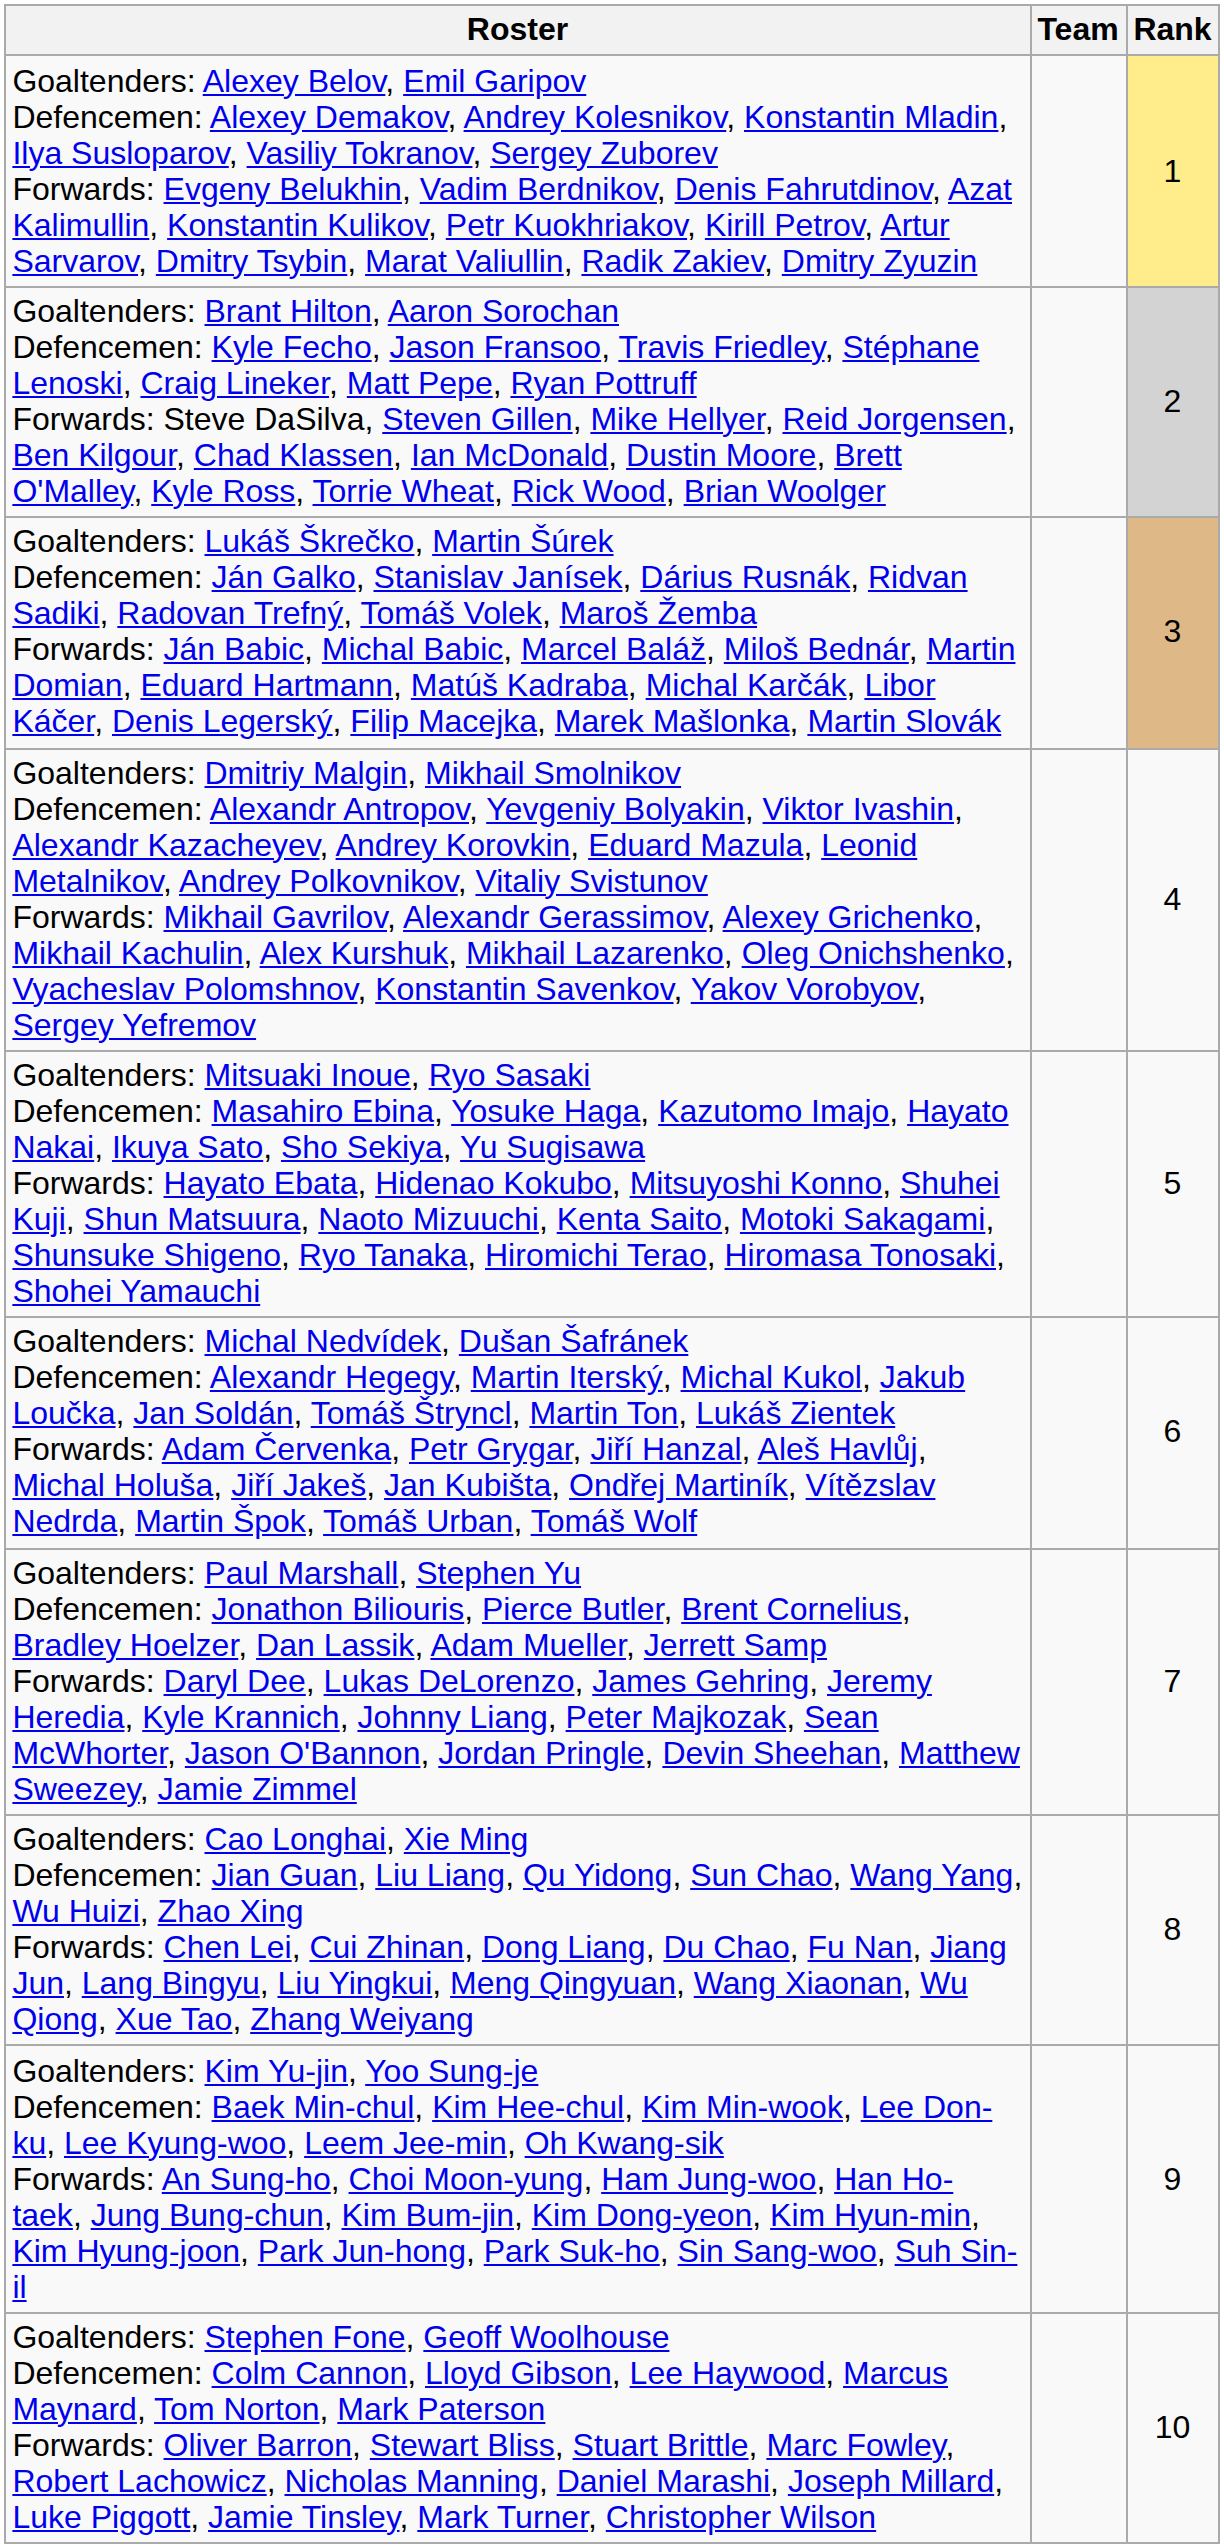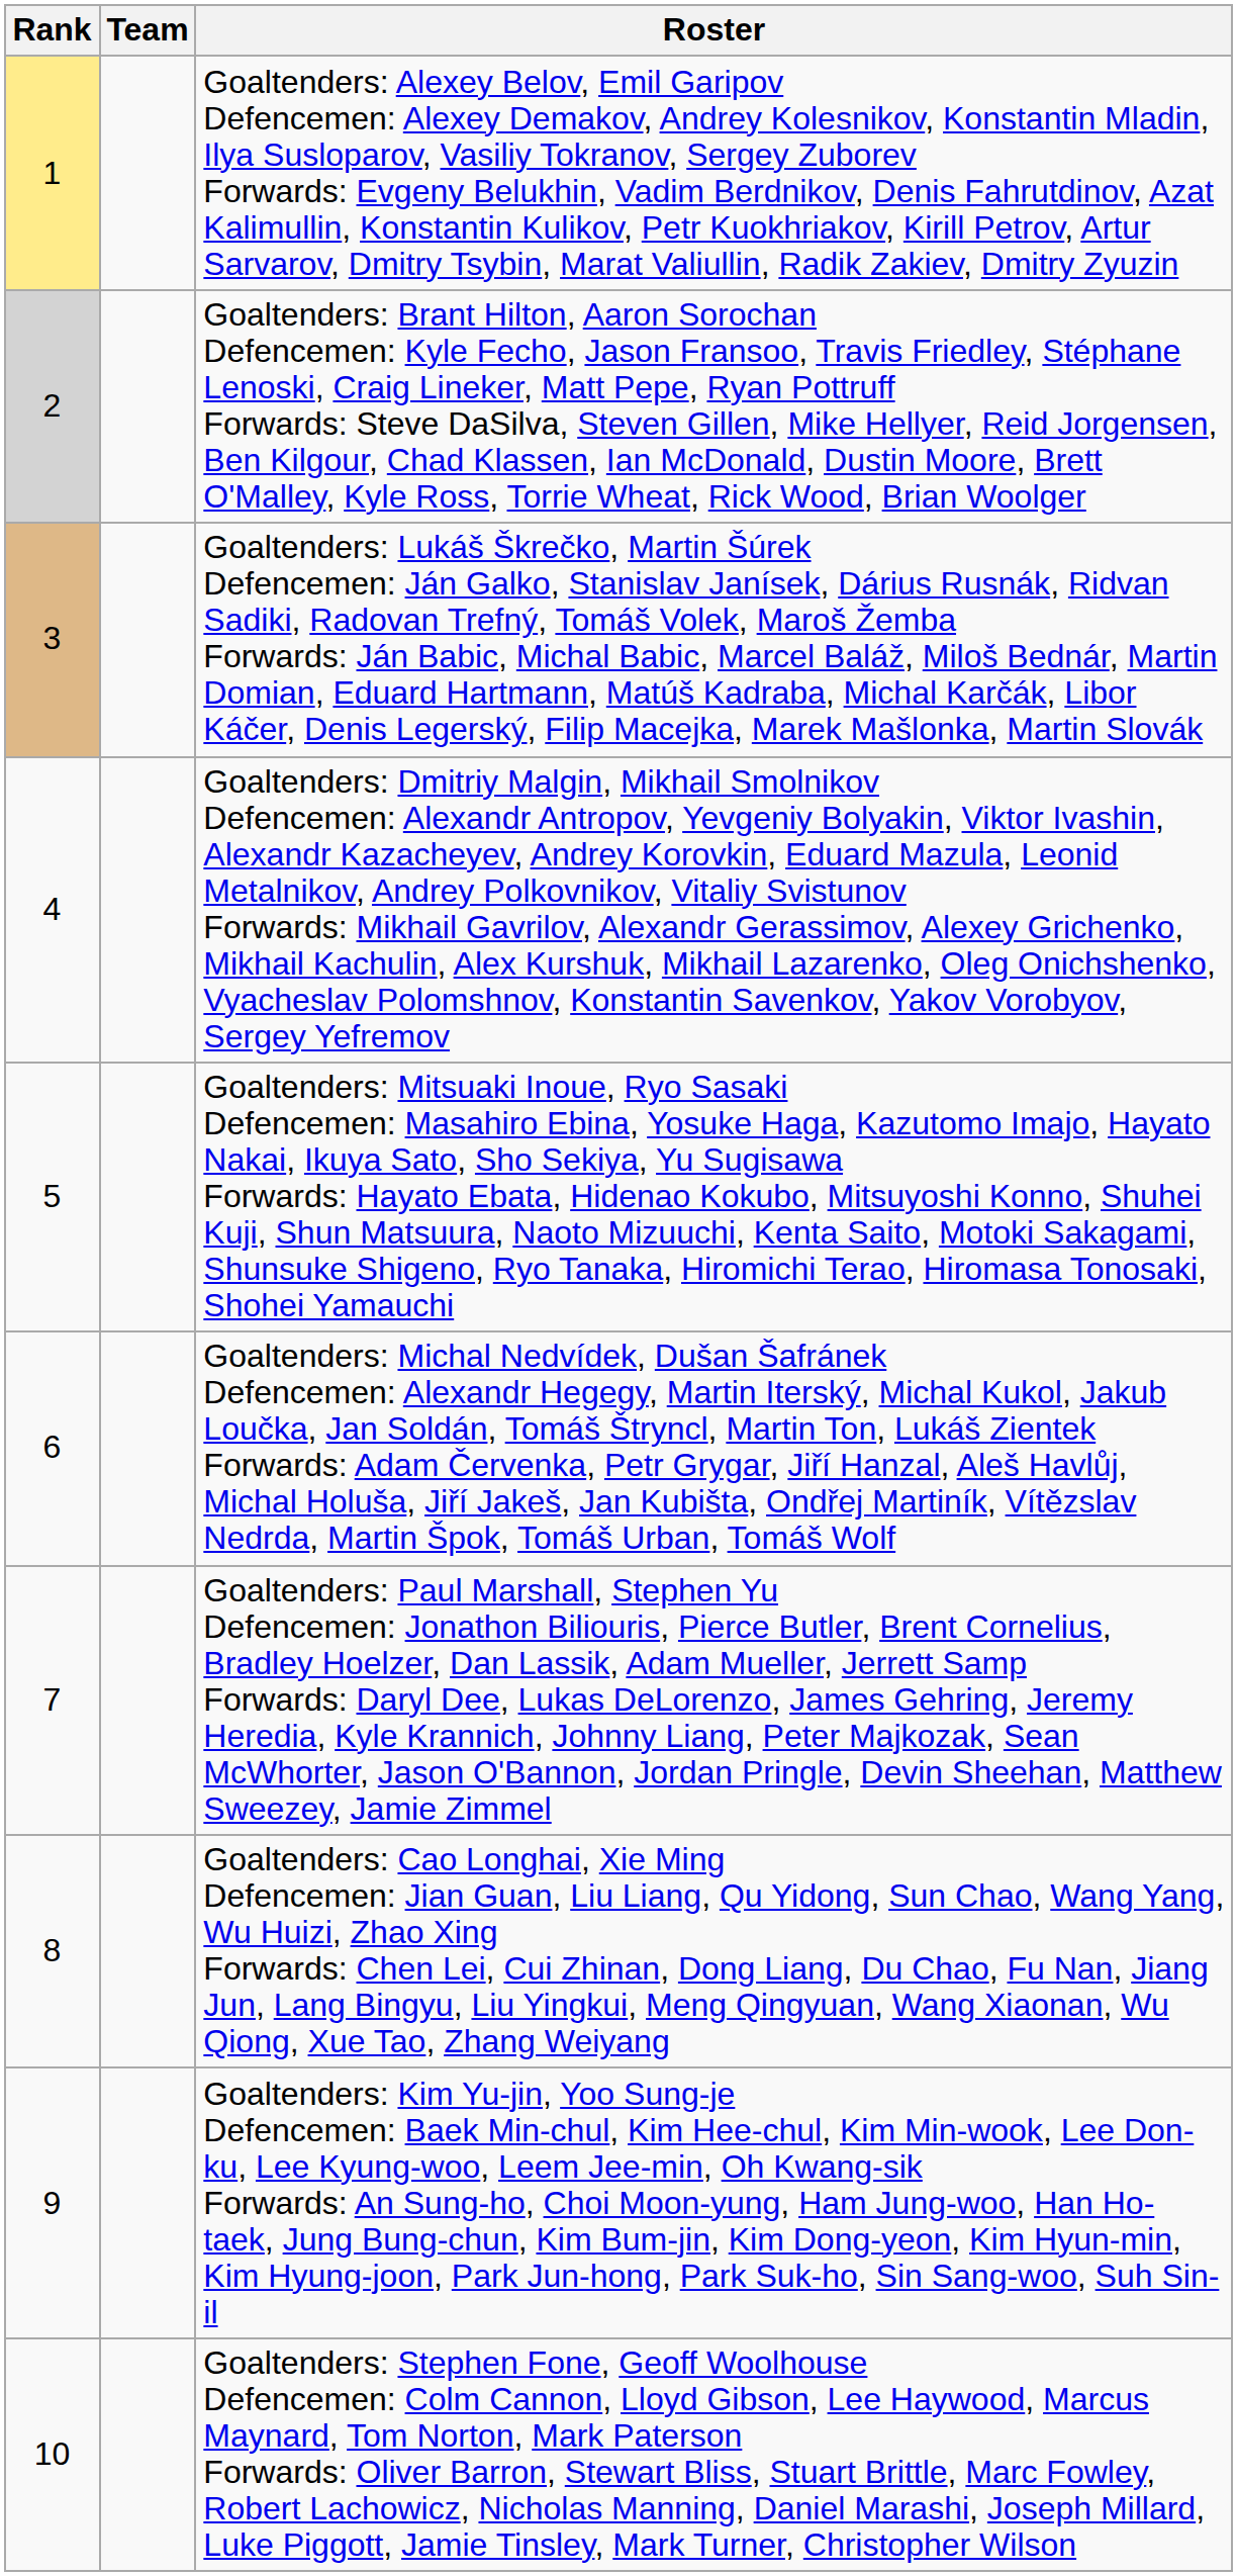 <table class="wikitable">
 <tr>
+<th>Rank</th>
+<th>Team</th>
 <th>Roster</th>
-<th>Team</th>
-<th>Rank</th>
 </tr>
 <tr>
+<td bgcolor="#FFEC8B" align="center">1</td>
+<td style="white-space:nowrap;"></td>
 <td style="text-size:90%">Goaltenders: <a href='#'>Alexey Belov</a>, <a href='#'>Emil Garipov</a><br>Defencemen: <a href='#'>Alexey Demakov</a>, <a href='#'>Andrey Kolesnikov</a>, <a href='#'>Konstantin Mladin</a>, <a href='#'>Ilya Susloparov</a>, <a href='#'>Vasiliy Tokranov</a>, <a href='#'>Sergey Zuborev</a><br>Forwards: <a href='#'>Evgeny Belukhin</a>, <a href='#'>Vadim Berdnikov</a>, <a href='#'>Denis Fahrutdinov</a>, <a href='#'>Azat Kalimullin</a>, <a href='#'>Konstantin Kulikov</a>, <a href='#'>Petr Kuokhriakov</a>, <a href='#'>Kirill Petrov</a>, <a href='#'>Artur Sarvarov</a>, <a href='#'>Dmitry Tsybin</a>, <a href='#'>Marat Valiullin</a>, <a href='#'>Radik Zakiev</a>, <a href='#'>Dmitry Zyuzin</a><br></td>
-<td style="white-space:nowrap;"></td>
-<td bgcolor="#FFEC8B" align="center">1</td>
 </tr>
 <tr>
+<td bgcolor="#D3D3D3" align="center">2</td>
+<td style="white-space:nowrap;"></td>
 <td style="text-size:90%">Goaltenders: <a href='#'>Brant Hilton</a>, <a href='#'>Aaron Sorochan</a><br>Defencemen: <a href='#'>Kyle Fecho</a>, <a href='#'>Jason Fransoo</a>, <a href='#'>Travis Friedley</a>, <a href='#'>Stéphane Lenoski</a>, <a href='#'>Craig Lineker</a>, <a href='#'>Matt Pepe</a>, <a href='#'>Ryan Pottruff</a><br>Forwards: Steve DaSilva, <a href='#'>Steven Gillen</a>, <a href='#'>Mike Hellyer</a>, <a href='#'>Reid Jorgensen</a>, <a href='#'>Ben Kilgour</a>, <a href='#'>Chad Klassen</a>, <a href='#'>Ian McDonald</a>, <a href='#'>Dustin Moore</a>, <a href='#'>Brett O'Malley</a>, <a href='#'>Kyle Ross</a>, <a href='#'>Torrie Wheat</a>, <a href='#'>Rick Wood</a>, <a href='#'>Brian Woolger</a><br></td>
-<td style="white-space:nowrap;"></td>
-<td bgcolor="#D3D3D3" align="center">2</td>
 </tr>
 <tr>
+<td bgcolor="#DEB887" align="center">3</td>
+<td style="white-space:nowrap;"></td>
 <td style="text-size:90%">Goaltenders: <a href='#'>Lukáš Škrečko</a>, <a href='#'>Martin Šúrek</a><br>Defencemen: <a href='#'>Ján Galko</a>, <a href='#'>Stanislav Janísek</a>, <a href='#'>Dárius Rusnák</a>, <a href='#'>Ridvan Sadiki</a>, <a href='#'>Radovan Trefný</a>, <a href='#'>Tomáš Volek</a>, <a href='#'>Maroš Žemba</a><br>Forwards: <a href='#'>Ján Babic</a>, <a href='#'>Michal Babic</a>, <a href='#'>Marcel Baláž</a>, <a href='#'>Miloš Bednár</a>, <a href='#'>Martin Domian</a>, <a href='#'>Eduard Hartmann</a>, <a href='#'>Matúš Kadraba</a>, <a href='#'>Michal Karčák</a>, <a href='#'>Libor Káčer</a>, <a href='#'>Denis Legerský</a>, <a href='#'>Filip Macejka</a>, <a href='#'>Marek Mašlonka</a>, <a href='#'>Martin Slovák</a><br></td>
-<td style="white-space:nowrap;"></td>
-<td bgcolor="#DEB887" align="center">3</td>
 </tr>
 <tr>
+<td align="center">4</td>
+<td style="white-space:nowrap;"></td>
 <td style="text-size:90%">Goaltenders: <a href='#'>Dmitriy Malgin</a>, <a href='#'>Mikhail Smolnikov</a><br>Defencemen: <a href='#'>Alexandr Antropov</a>, <a href='#'>Yevgeniy Bolyakin</a>, <a href='#'>Viktor Ivashin</a>, <a href='#'>Alexandr Kazacheyev</a>, <a href='#'>Andrey Korovkin</a>, <a href='#'>Eduard Mazula</a>, <a href='#'>Leonid Metalnikov</a>, <a href='#'>Andrey Polkovnikov</a>, <a href='#'>Vitaliy Svistunov</a><br>Forwards: <a href='#'>Mikhail Gavrilov</a>, <a href='#'>Alexandr Gerassimov</a>, <a href='#'>Alexey Grichenko</a>, <a href='#'>Mikhail Kachulin</a>, <a href='#'>Alex Kurshuk</a>, <a href='#'>Mikhail Lazarenko</a>, <a href='#'>Oleg Onichshenko</a>, <a href='#'>Vyacheslav Polomshnov</a>, <a href='#'>Konstantin Savenkov</a>, <a href='#'>Yakov Vorobyov</a>, <a href='#'>Sergey Yefremov</a><br></td>
-<td style="white-space:nowrap;"></td>
-<td align="center">4</td>
 </tr>
 <tr>
+<td align="center">5</td>
+<td style="white-space:nowrap;"></td>
 <td style="text-size:90%">Goaltenders: <a href='#'>Mitsuaki Inoue</a>, <a href='#'>Ryo Sasaki</a><br>Defencemen: <a href='#'>Masahiro Ebina</a>, <a href='#'>Yosuke Haga</a>, <a href='#'>Kazutomo Imajo</a>, <a href='#'>Hayato Nakai</a>, <a href='#'>Ikuya Sato</a>, <a href='#'>Sho Sekiya</a>, <a href='#'>Yu Sugisawa</a><br>Forwards: <a href='#'>Hayato Ebata</a>, <a href='#'>Hidenao Kokubo</a>, <a href='#'>Mitsuyoshi Konno</a>, <a href='#'>Shuhei Kuji</a>, <a href='#'>Shun Matsuura</a>, <a href='#'>Naoto Mizuuchi</a>, <a href='#'>Kenta Saito</a>, <a href='#'>Motoki Sakagami</a>, <a href='#'>Shunsuke Shigeno</a>, <a href='#'>Ryo Tanaka</a>, <a href='#'>Hiromichi Terao</a>, <a href='#'>Hiromasa Tonosaki</a>, <a href='#'>Shohei Yamauchi</a><br></td>
-<td style="white-space:nowrap;"></td>
-<td align="center">5</td>
 </tr>
 <tr>
+<td align="center">6</td>
+<td style="white-space:nowrap;"></td>
 <td style="text-size:90%">Goaltenders: <a href='#'>Michal Nedvídek</a>, <a href='#'>Dušan Šafránek</a><br>Defencemen: <a href='#'>Alexandr Hegegy</a>, <a href='#'>Martin Iterský</a>, <a href='#'>Michal Kukol</a>, <a href='#'>Jakub Loučka</a>, <a href='#'>Jan Soldán</a>, <a href='#'>Tomáš Štryncl</a>, <a href='#'>Martin Ton</a>, <a href='#'>Lukáš Zientek</a><br>Forwards: <a href='#'>Adam Červenka</a>, <a href='#'>Petr Grygar</a>, <a href='#'>Jiří Hanzal</a>, <a href='#'>Aleš Havlůj</a>, <a href='#'>Michal Holuša</a>, <a href='#'>Jiří Jakeš</a>, <a href='#'>Jan Kubišta</a>, <a href='#'>Ondřej Martiník</a>, <a href='#'>Vítězslav Nedrda</a>, <a href='#'>Martin Špok</a>, <a href='#'>Tomáš Urban</a>, <a href='#'>Tomáš Wolf</a><br></td>
-<td style="white-space:nowrap;"></td>
-<td align="center">6</td>
 </tr>
 <tr>
+<td align="center">7</td>
+<td style="white-space:nowrap;"></td>
 <td style="text-size:90%">Goaltenders: <a href='#'>Paul Marshall</a>, <a href='#'>Stephen Yu</a><br>Defencemen: <a href='#'>Jonathon Biliouris</a>, <a href='#'>Pierce Butler</a>, <a href='#'>Brent Cornelius</a>, <a href='#'>Bradley Hoelzer</a>, <a href='#'>Dan Lassik</a>, <a href='#'>Adam Mueller</a>, <a href='#'>Jerrett Samp</a><br>Forwards: <a href='#'>Daryl Dee</a>, <a href='#'>Lukas DeLorenzo</a>, <a href='#'>James Gehring</a>, <a href='#'>Jeremy Heredia</a>, <a href='#'>Kyle Krannich</a>, <a href='#'>Johnny Liang</a>, <a href='#'>Peter Majkozak</a>, <a href='#'>Sean McWhorter</a>, <a href='#'>Jason O'Bannon</a>, <a href='#'>Jordan Pringle</a>, <a href='#'>Devin Sheehan</a>, <a href='#'>Matthew Sweezey</a>, <a href='#'>Jamie Zimmel</a><br></td>
-<td style="white-space:nowrap;"></td>
-<td align="center">7</td>
 </tr>
 <tr>
+<td align="center">8</td>
+<td style="white-space:nowrap;"></td>
 <td style="text-size:90%">Goaltenders: <a href='#'>Cao Longhai</a>, <a href='#'>Xie Ming</a><br>Defencemen: <a href='#'>Jian Guan</a>, <a href='#'>Liu Liang</a>, <a href='#'>Qu Yidong</a>, <a href='#'>Sun Chao</a>, <a href='#'>Wang Yang</a>, <a href='#'>Wu Huizi</a>, <a href='#'>Zhao Xing</a><br>Forwards: <a href='#'>Chen Lei</a>, <a href='#'>Cui Zhinan</a>, <a href='#'>Dong Liang</a>, <a href='#'>Du Chao</a>, <a href='#'>Fu Nan</a>, <a href='#'>Jiang Jun</a>, <a href='#'>Lang Bingyu</a>, <a href='#'>Liu Yingkui</a>, <a href='#'>Meng Qingyuan</a>, <a href='#'>Wang Xiaonan</a>, <a href='#'>Wu Qiong</a>, <a href='#'>Xue Tao</a>, <a href='#'>Zhang Weiyang</a><br></td>
-<td style="white-space:nowrap;"></td>
-<td align="center">8</td>
 </tr>
 <tr>
+<td align="center">9</td>
+<td style="white-space:nowrap;"></td>
 <td style="text-size:90%">Goaltenders: <a href='#'>Kim Yu-jin</a>, <a href='#'>Yoo Sung-je</a><br>Defencemen: <a href='#'>Baek Min-chul</a>, <a href='#'>Kim Hee-chul</a>, <a href='#'>Kim Min-wook</a>, <a href='#'>Lee Don-ku</a>, <a href='#'>Lee Kyung-woo</a>, <a href='#'>Leem Jee-min</a>, <a href='#'>Oh Kwang-sik</a><br>Forwards: <a href='#'>An Sung-ho</a>, <a href='#'>Choi Moon-yung</a>, <a href='#'>Ham Jung-woo</a>, <a href='#'>Han Ho-taek</a>, <a href='#'>Jung Bung-chun</a>, <a href='#'>Kim Bum-jin</a>, <a href='#'>Kim Dong-yeon</a>, <a href='#'>Kim Hyun-min</a>, <a href='#'>Kim Hyung-joon</a>, <a href='#'>Park Jun-hong</a>, <a href='#'>Park Suk-ho</a>, <a href='#'>Sin Sang-woo</a>, <a href='#'>Suh Sin-il</a><br></td>
-<td style="white-space:nowrap;"></td>
-<td align="center">9</td>
 </tr>
 <tr>
+<td align="center">10</td>
+<td style="white-space:nowrap;"></td>
 <td style="text-size:90%">Goaltenders: <a href='#'>Stephen Fone</a>, <a href='#'>Geoff Woolhouse</a><br>Defencemen: <a href='#'>Colm Cannon</a>, <a href='#'>Lloyd Gibson</a>, <a href='#'>Lee Haywood</a>, <a href='#'>Marcus Maynard</a>, <a href='#'>Tom Norton</a>, <a href='#'>Mark Paterson</a><br>Forwards: <a href='#'>Oliver Barron</a>, <a href='#'>Stewart Bliss</a>, <a href='#'>Stuart Brittle</a>, <a href='#'>Marc Fowley</a>, <a href='#'>Robert Lachowicz</a>, <a href='#'>Nicholas Manning</a>, <a href='#'>Daniel Marashi</a>, <a href='#'>Joseph Millard</a>, <a href='#'>Luke Piggott</a>, <a href='#'>Jamie Tinsley</a>, <a href='#'>Mark Turner</a>, <a href='#'>Christopher Wilson</a><br></td>
-<td style="white-space:nowrap;"></td>
-<td align="center">10</td>
 </tr>
 </table>
